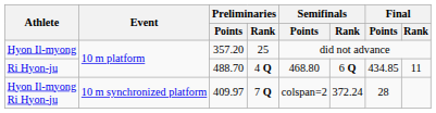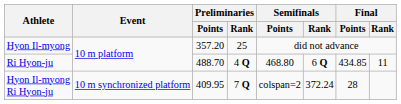 <table class=wikitable style="font-size:90%;">
 <tr>
 <th rowspan="2">Athlete</th>
 <th rowspan="2">Event</th>
 <th colspan="2">Preliminaries</th>
 <th colspan="2">Semifinals</th>
 <th colspan="2">Final</th>
 </tr>
 <tr style="font-size:95%">
 <th>Points</th>
 <th>Rank</th>
 <th>Points</th>
 <th>Rank</th>
 <th>Points</th>
 <th>Rank</th>
 </tr>
 <tr align=center>
 <td align=left><a href='#'>Hyon Il-myong</a></td>
 <td align=left rowspan=2><a href='#'>10 m platform</a></td>
 <td>357.20</td>
 <td>25</td>
 <td colspan=4>did not advance</td>
 </tr>
 <tr align=center>
 <td align=left><a href='#'>Ri Hyon-ju</a></td>
 <td>488.70</td>
 <td>4 <strong>Q</strong></td>
 <td>468.80</td>
 <td>6 <strong>Q</strong></td>
 <td>434.85</td>
 <td>11</td>
 </tr>
 <tr align=center>
 <td align=left><a href='#'>Hyon Il-myong</a><br><a href='#'>Ri Hyon-ju</a></td>
 <td align=left><a href='#'>10 m synchronized platform</a></td>
-<td>409.97</td>
+<td>409.95</td>
 <td>7 <strong>Q</strong></td>
 <td>colspan=2 </td>
 <td>372.24</td>
 <td>28</td>
 </tr>
 </table>
